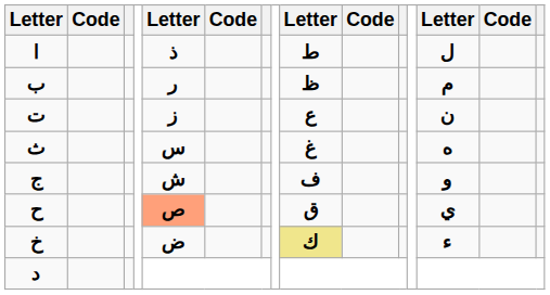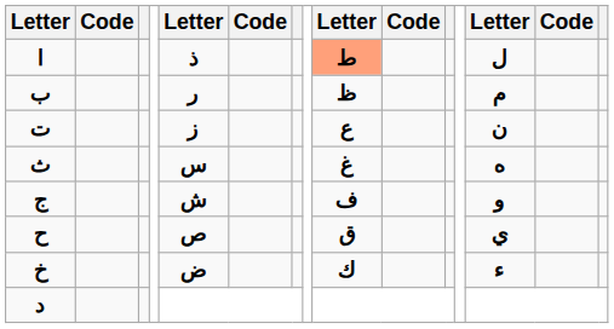 <table class="wikitable"  style="text-align:center;">
 <tr>
 <th>Letter</th>
 <th>Code</th>
 <th></th>
 <td rowspan=9 style="background:white;"></td>
 <th>Letter</th>
 <th>Code</th>
 <th></th>
 <td rowspan=9 style="background:white;"></td>
 <th>Letter</th>
 <th>Code</th>
 <th></th>
 <td rowspan=9 style="background:white;"></td>
 <th>Letter</th>
 <th>Code</th>
 <th></th>
 </tr>
 <tr>
 <td><strong> ا </strong></td>
 <td></td>
 <td></td>
 <td><strong> ذ </strong></td>
 <td></td>
 <td></td>
-<td><strong> ط </strong></td>
+<td style="background: lightsalmon;"><strong> ط </strong></td>
 <td></td>
 <td></td>
 <td><strong> ل </strong></td>
 <td></td>
 <td></td>
 </tr>
 <tr>
 <td><strong> ب </strong></td>
 <td></td>
 <td></td>
 <td><strong> ر </strong></td>
 <td></td>
 <td></td>
 <td><strong> ظ </strong></td>
 <td></td>
 <td></td>
 <td><strong> م </strong></td>
 <td></td>
 <td></td>
 </tr>
 <tr>
 <td><strong> ت </strong></td>
 <td></td>
 <td></td>
 <td><strong> ز </strong></td>
 <td></td>
 <td></td>
 <td><strong> ع </strong></td>
 <td></td>
 <td></td>
 <td><strong> ن </strong></td>
 <td></td>
 <td></td>
 </tr>
 <tr>
 <td><strong> ث </strong></td>
 <td></td>
 <td></td>
 <td><strong> س </strong></td>
 <td></td>
 <td></td>
 <td><strong> غ </strong></td>
 <td></td>
 <td></td>
 <td><strong> ه </strong></td>
 <td></td>
 <td></td>
 </tr>
 <tr>
 <td><strong> ج </strong></td>
 <td></td>
 <td></td>
 <td><strong> ش </strong></td>
 <td></td>
 <td></td>
 <td><strong> ف </strong></td>
 <td></td>
 <td></td>
 <td><strong> و </strong></td>
 <td></td>
 <td></td>
 </tr>
 <tr>
 <td><strong> ح </strong></td>
 <td></td>
 <td></td>
-<td style="background: lightsalmon;"><strong> ص </strong></td>
+<td><strong> ص </strong></td>
 <td></td>
 <td></td>
 <td><strong> ق </strong></td>
 <td></td>
 <td></td>
 <td><strong> ي </strong></td>
 <td></td>
 <td></td>
 </tr>
 <tr>
 <td><strong> خ </strong></td>
 <td></td>
 <td></td>
 <td><strong> ض </strong></td>
 <td></td>
 <td></td>
-<td style="background: khaki;"><strong> ك </strong></td>
+<td><strong> ك </strong></td>
 <td></td>
 <td></td>
 <td><strong> ﺀ  </strong></td>
 <td></td>
 <td></td>
 </tr>
 <tr>
 <td><strong> د </strong></td>
 <td></td>
 <td></td>
 <td colspan=3 style="background:white;"> </td>
 <td colspan=3 style="background:white;"> </td>
 <td colspan=3 style="background:white;"> </td>
 </tr>
 </table>
